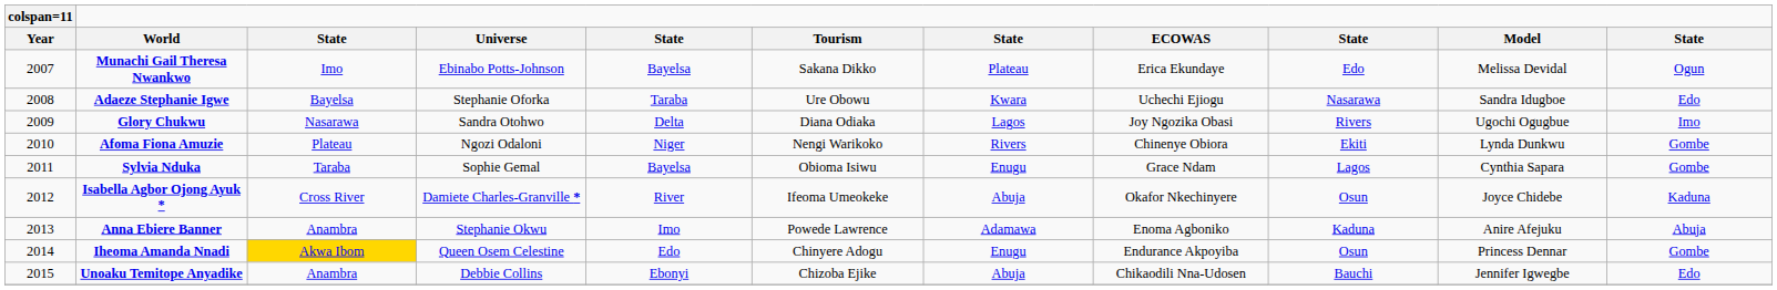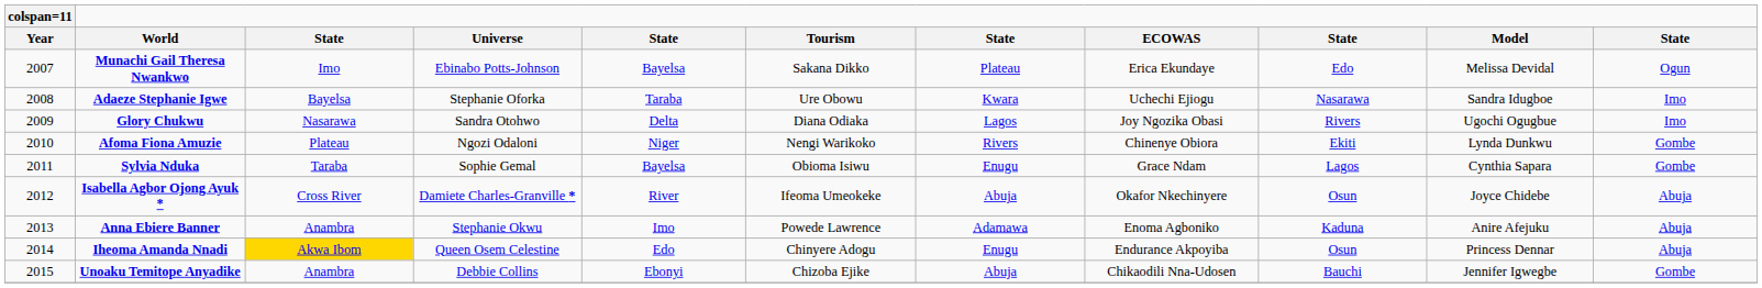 <table class="wikitable sortable" style="font-size: 95%; text-align:center">
 <tr>
 <th>colspan=11 </th>
 </tr>
 <tr>
 <th width="60">Year</th>
 <th width="250">World</th>
 <th width="250">State</th>
 <th width="250">Universe</th>
 <th width="250">State</th>
 <th width="250">Tourism</th>
 <th width="250">State</th>
 <th width="250">ECOWAS</th>
 <th width="250">State</th>
 <th width="250">Model</th>
 <th width="250">State</th>
 </tr>
 <tr>
 <td>2007</td>
 <td><strong><a href='#'>Munachi Gail Theresa Nwankwo</a></strong></td>
 <td><a href='#'>Imo</a></td>
 <td><a href='#'>Ebinabo Potts-Johnson</a></td>
 <td><a href='#'>Bayelsa</a></td>
 <td>Sakana Dikko</td>
 <td><a href='#'>Plateau</a></td>
 <td>Erica Ekundaye</td>
 <td><a href='#'>Edo</a></td>
 <td>Melissa Devidal</td>
 <td><a href='#'>Ogun</a></td>
 </tr>
 <tr>
 <td>2008</td>
 <td><strong><a href='#'>Adaeze Stephanie Igwe</a></strong></td>
 <td><a href='#'>Bayelsa</a></td>
 <td>Stephanie Oforka</td>
 <td><a href='#'>Taraba</a></td>
 <td>Ure Obowu</td>
 <td><a href='#'>Kwara</a></td>
 <td>Uchechi Ejiogu</td>
 <td><a href='#'>Nasarawa</a></td>
 <td>Sandra Idugboe</td>
-<td><a href='#'>Edo</a></td>
+<td><a href='#'>Imo</a></td>
 </tr>
 <tr>
 <td>2009</td>
 <td><strong><a href='#'>Glory Chukwu</a></strong></td>
 <td><a href='#'>Nasarawa</a></td>
 <td>Sandra Otohwo</td>
 <td><a href='#'>Delta</a></td>
 <td>Diana Odiaka</td>
 <td><a href='#'>Lagos</a></td>
 <td>Joy Ngozika Obasi</td>
 <td><a href='#'>Rivers</a></td>
 <td>Ugochi Ogugbue</td>
 <td><a href='#'>Imo</a></td>
 </tr>
 <tr>
 <td>2010</td>
 <td><strong><a href='#'>Afoma Fiona Amuzie</a></strong></td>
 <td><a href='#'>Plateau</a></td>
 <td>Ngozi Odaloni</td>
 <td><a href='#'>Niger</a></td>
 <td>Nengi Warikoko</td>
 <td><a href='#'>Rivers</a></td>
 <td>Chinenye Obiora</td>
 <td><a href='#'>Ekiti</a></td>
 <td>Lynda Dunkwu</td>
 <td><a href='#'>Gombe</a></td>
 </tr>
 <tr>
 <td>2011</td>
 <td><strong><a href='#'>Sylvia Nduka</a></strong></td>
 <td><a href='#'>Taraba</a></td>
 <td>Sophie Gemal</td>
 <td><a href='#'>Bayelsa</a></td>
 <td>Obioma Isiwu</td>
 <td><a href='#'>Enugu</a></td>
 <td>Grace Ndam</td>
 <td><a href='#'>Lagos</a></td>
 <td>Cynthia Sapara</td>
 <td><a href='#'>Gombe</a></td>
 </tr>
 <tr>
 <td>2012</td>
 <td><strong><a href='#'>Isabella Agbor Ojong Ayuk *</a></strong></td>
 <td><a href='#'>Cross River</a></td>
 <td><a href='#'>Damiete Charles-Granville <strong>*</strong></a></td>
 <td><a href='#'>River</a></td>
 <td>Ifeoma Umeokeke</td>
 <td><a href='#'>Abuja</a></td>
 <td>Okafor Nkechinyere</td>
 <td><a href='#'>Osun</a></td>
 <td>Joyce Chidebe</td>
-<td><a href='#'>Kaduna</a></td>
+<td><a href='#'>Abuja</a></td>
 </tr>
 <tr>
 <td>2013</td>
 <td><strong><a href='#'>Anna Ebiere Banner</a></strong></td>
 <td><a href='#'>Anambra</a></td>
 <td><a href='#'>Stephanie Okwu</a></td>
 <td><a href='#'>Imo</a></td>
 <td>Powede Lawrence</td>
 <td><a href='#'>Adamawa</a></td>
 <td>Enoma Agboniko</td>
 <td><a href='#'>Kaduna</a></td>
 <td>Anire Afejuku</td>
 <td><a href='#'>Abuja</a></td>
 </tr>
 <tr>
 <td>2014</td>
 <td><strong><a href='#'>Iheoma Amanda Nnadi</a></strong></td>
 <td style="background: gold;"><a href='#'>Akwa Ibom</a></td>
 <td><a href='#'>Queen Osem Celestine</a></td>
 <td><a href='#'>Edo</a></td>
 <td>Chinyere Adogu</td>
 <td><a href='#'>Enugu</a></td>
 <td>Endurance Akpoyiba</td>
 <td><a href='#'>Osun</a></td>
 <td>Princess Dennar</td>
-<td><a href='#'>Gombe</a></td>
+<td><a href='#'>Abuja</a></td>
 </tr>
 <tr>
 <td>2015</td>
 <td><strong><a href='#'>Unoaku Temitope Anyadike</a></strong></td>
 <td><a href='#'>Anambra</a></td>
 <td><a href='#'>Debbie Collins</a></td>
 <td><a href='#'>Ebonyi</a></td>
 <td>Chizoba Ejike</td>
 <td><a href='#'>Abuja</a></td>
 <td>Chikaodili Nna-Udosen</td>
 <td><a href='#'>Bauchi</a></td>
 <td>Jennifer Igwegbe</td>
-<td><a href='#'>Edo</a></td>
+<td><a href='#'>Gombe</a></td>
 </tr>
 <tr>
 </tr>
 </table>
